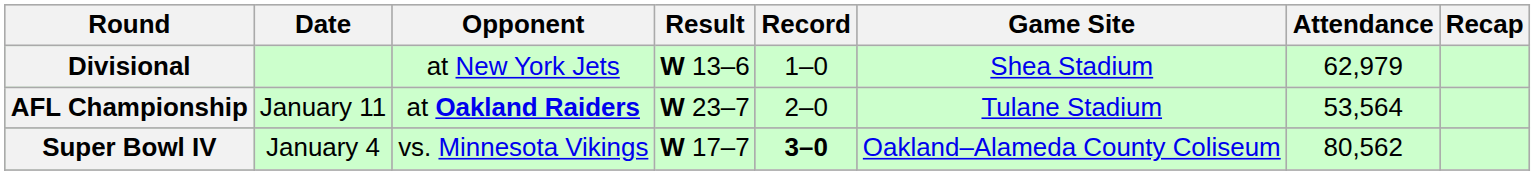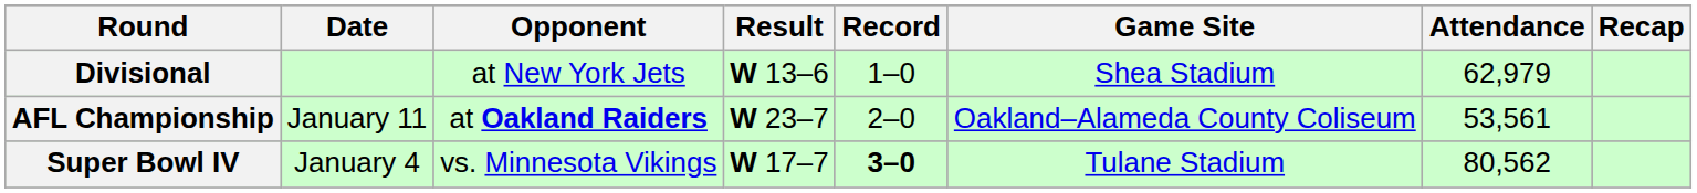 <table class="wikitable" style="text-align:center">
 <tr>
 <th>Round</th>
 <th>Date</th>
 <th>Opponent</th>
 <th>Result</th>
 <th>Record</th>
 <th>Game Site</th>
 <th>Attendance</th>
 <th>Recap</th>
 </tr>
 <tr style="background:#cfc">
 <th>Divisional</th>
 <td></td>
 <td>at <a href='#'>New York Jets</a></td>
 <td><strong>W</strong> 13–6</td>
 <td>1–0</td>
 <td><a href='#'>Shea Stadium</a></td>
 <td>62,979</td>
 <td></td>
 </tr>
 <tr style="background:#cfc">
 <th>AFL Championship</th>
 <td>January 11</td>
 <td>at <strong><a href='#'>Oakland Raiders</a></strong></td>
 <td><strong>W</strong> 23–7</td>
 <td>2–0</td>
-<td><a href='#'>Tulane Stadium</a></td>
-<td>53,564</td>
+<td><a href='#'>Oakland–Alameda County Coliseum</a></td>
+<td>53,561</td>
 <td></td>
 </tr>
 <tr style="background:#cfc">
 <th>Super Bowl IV</th>
 <td>January 4</td>
 <td>vs. <a href='#'>Minnesota Vikings</a></td>
 <td><strong>W</strong> 17–7</td>
 <td><strong>3–0</strong></td>
-<td><a href='#'>Oakland–Alameda County Coliseum</a></td>
+<td><a href='#'>Tulane Stadium</a></td>
 <td>80,562</td>
 <td></td>
 </tr>
 </table>
